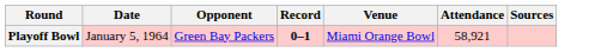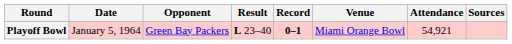 <table class="wikitable" style="text-align:center">
 <tr>
 <th>Round</th>
 <th>Date</th>
 <th>Opponent</th>
+<th>Result</th>
 <th>Record</th>
 <th>Venue</th>
 <th>Attendance</th>
 <th>Sources</th>
 </tr>
 <tr style="background:#fcc">
 <th>Playoff Bowl</th>
 <td>January 5, 1964</td>
 <td><a href='#'>Green Bay Packers</a></td>
+<td><strong>L</strong> 23–40</td>
 <td><strong>0–1</strong></td>
 <td><a href='#'>Miami Orange Bowl</a></td>
-<td>58,921</td>
+<td>54,921</td>
 <td></td>
 </tr>
 </table>
